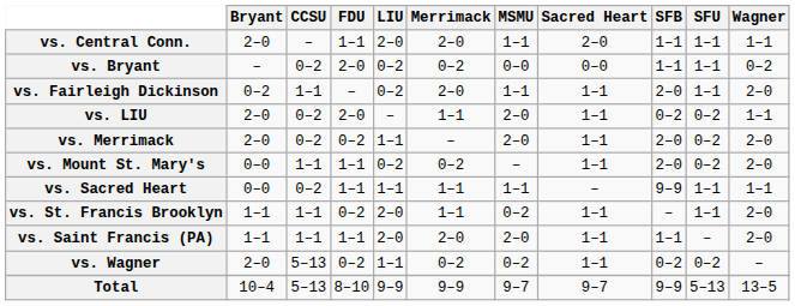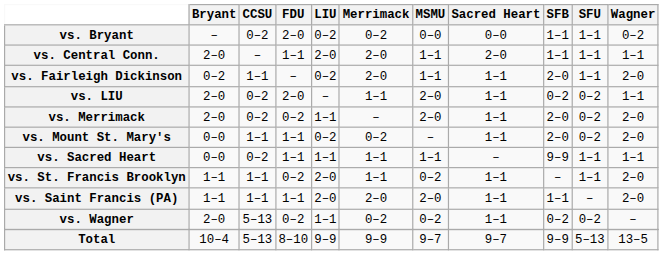 <table class="wikitable" style="white-space:nowrap;font-size:80%;">
 <tr>
 <th colspan=1 style="background:white; border-top-style:hidden; border-left-style:hidden;"   width=75> </th>
 <th>Bryant</th>
 <th>CCSU</th>
 <th>FDU</th>
 <th>LIU</th>
 <th>Merrimack</th>
 <th>MSMU</th>
 <th>Sacred Heart</th>
 <th>SFB</th>
 <th>SFU</th>
 <th>Wagner</th>
 </tr>
 <tr style="text-align:center;">
+<th>vs. Bryant</th>
+<td>–</td>
+<td>0–2</td>
+<td>2–0</td>
+<td>0–2</td>
+<td>0–2</td>
+<td>0–0</td>
+<td>0–0</td>
+<td>1–1</td>
+<td>1–1</td>
+<td>0–2</td>
+</tr>
+<tr style="text-align:center;">
 <th>vs. Central Conn.</th>
 <td>2–0</td>
 <td>–</td>
 <td>1–1</td>
 <td>2–0</td>
 <td>2–0</td>
 <td>1–1</td>
 <td>2–0</td>
 <td>1–1</td>
 <td>1–1</td>
 <td>1–1</td>
-</tr>
-<tr style="text-align:center;">
-<th>vs. Bryant</th>
-<td>–</td>
-<td>0–2</td>
-<td>2–0</td>
-<td>0–2</td>
-<td>0–2</td>
-<td>0–0</td>
-<td>0–0</td>
-<td>1–1</td>
-<td>1–1</td>
-<td>0–2</td>
 </tr>
 <tr style="text-align:center;">
 <th>vs. Fairleigh Dickinson</th>
 <td>0–2</td>
 <td>1–1</td>
 <td>–</td>
 <td>0–2</td>
 <td>2–0</td>
 <td>1–1</td>
 <td>1–1</td>
 <td>2–0</td>
 <td>1–1</td>
 <td>2–0</td>
 </tr>
 <tr style="text-align:center;">
 <th>vs. LIU</th>
 <td>2–0</td>
 <td>0–2</td>
 <td>2–0</td>
 <td>–</td>
 <td>1–1</td>
 <td>2–0</td>
 <td>1–1</td>
 <td>0–2</td>
 <td>0–2</td>
 <td>1–1</td>
 </tr>
 <tr style="text-align:center;">
 <th>vs. Merrimack</th>
 <td>2–0</td>
 <td>0–2</td>
 <td>0–2</td>
 <td>1–1</td>
 <td>–</td>
 <td>2–0</td>
 <td>1–1</td>
 <td>2–0</td>
 <td>0–2</td>
 <td>2–0</td>
 </tr>
 <tr style="text-align:center;">
 <th>vs. Mount St. Mary's</th>
 <td>0–0</td>
 <td>1–1</td>
 <td>1–1</td>
 <td>0–2</td>
 <td>0–2</td>
 <td>–</td>
 <td>1–1</td>
 <td>2–0</td>
 <td>0–2</td>
 <td>2–0</td>
 </tr>
 <tr style="text-align:center;">
 <th>vs. Sacred Heart</th>
 <td>0–0</td>
 <td>0–2</td>
 <td>1–1</td>
 <td>1–1</td>
 <td>1–1</td>
 <td>1–1</td>
 <td>–</td>
 <td>9–9</td>
 <td>1–1</td>
 <td>1–1</td>
 </tr>
 <tr style="text-align:center;">
 <th>vs. St. Francis Brooklyn</th>
 <td>1–1</td>
 <td>1–1</td>
 <td>0–2</td>
 <td>2–0</td>
 <td>1–1</td>
 <td>0–2</td>
 <td>1–1</td>
 <td>–</td>
 <td>1–1</td>
 <td>2–0</td>
 </tr>
 <tr style="text-align:center;">
 <th>vs. Saint Francis (PA)</th>
 <td>1–1</td>
 <td>1–1</td>
 <td>1–1</td>
 <td>2–0</td>
 <td>2–0</td>
 <td>2–0</td>
 <td>1–1</td>
 <td>1–1</td>
 <td>–</td>
 <td>2–0</td>
 </tr>
 <tr style="text-align:center;">
 <th>vs. Wagner</th>
 <td>2–0</td>
 <td>5–13</td>
 <td>0–2</td>
 <td>1–1</td>
 <td>0–2</td>
 <td>0–2</td>
 <td>1–1</td>
 <td>0–2</td>
 <td>0–2</td>
 <td>–</td>
 </tr>
 <tr>
 </tr>
 <tr style="text-align:center;">
 <th>Total</th>
 <td>10–4</td>
 <td>5–13</td>
 <td>8–10</td>
 <td>9–9</td>
 <td>9–9</td>
 <td>9–7</td>
 <td>9–7</td>
 <td>9–9</td>
 <td>5–13</td>
 <td>13–5</td>
 </tr>
 </table>
